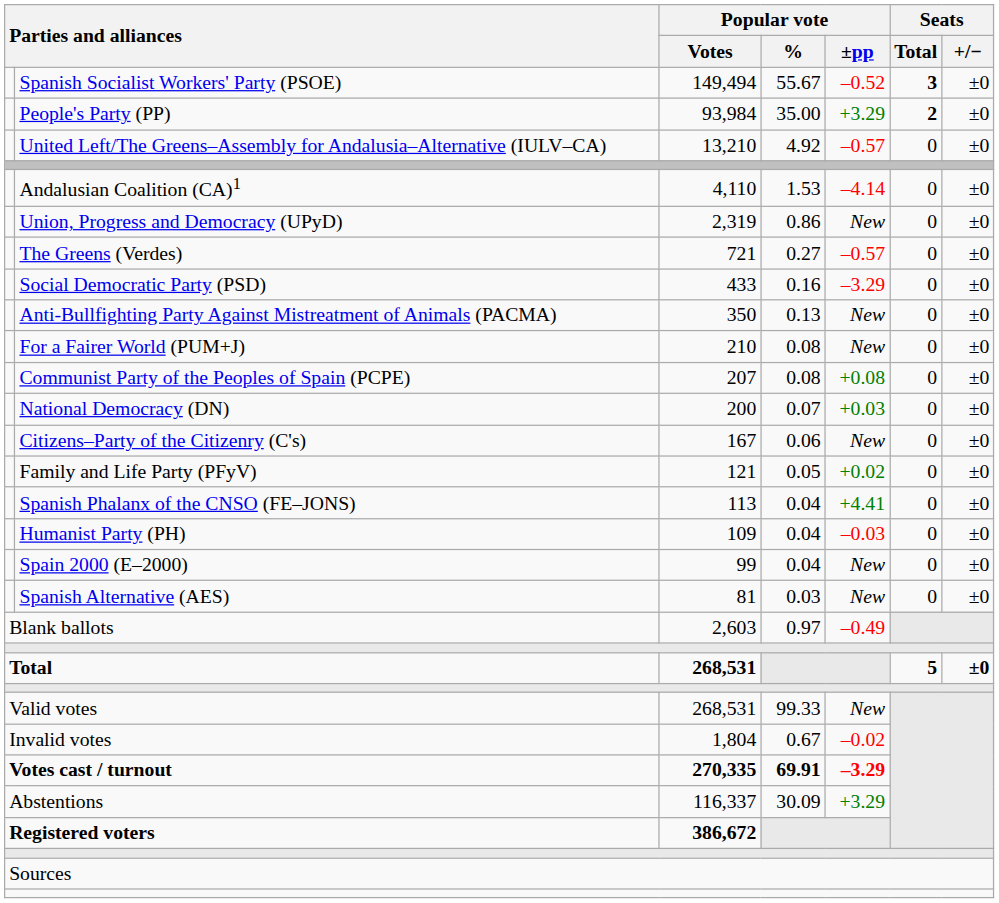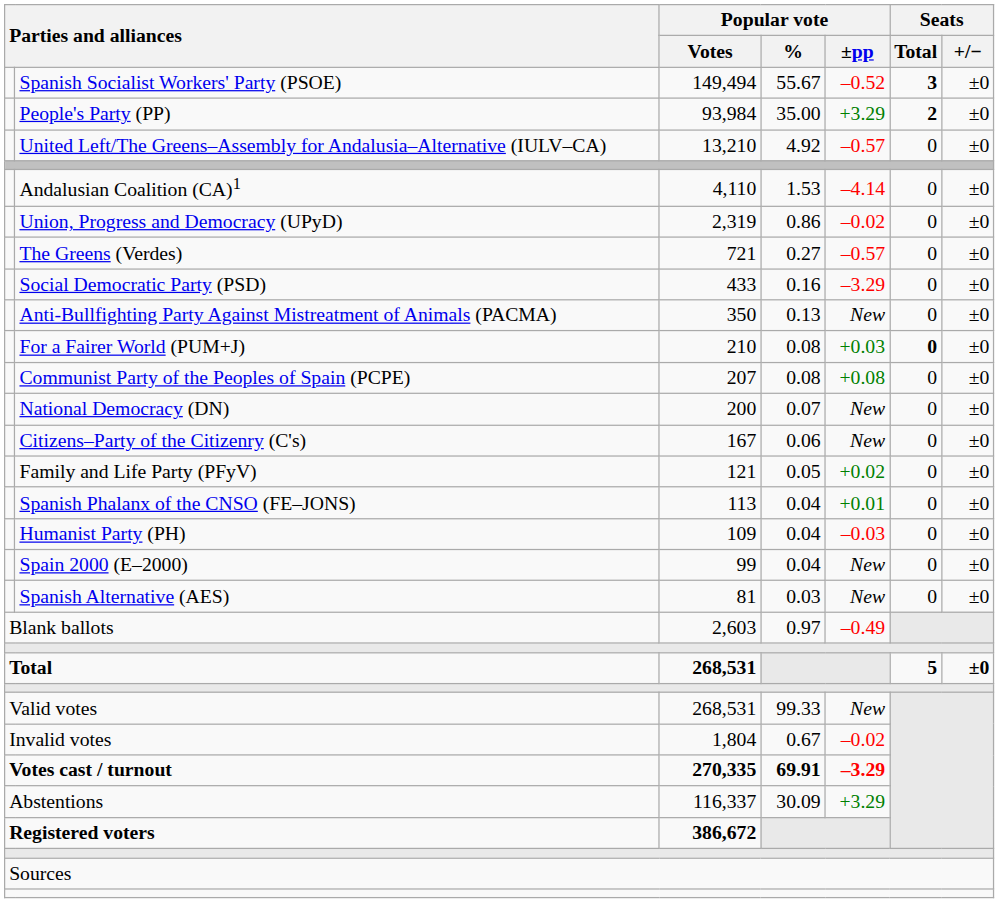 <table class="wikitable" style="text-align:right;">
 <tr>
 <th style="text-align:left;" rowspan="2" colspan="2" width="525">Parties and alliances</th>
 <th colspan="3">Popular vote</th>
 <th colspan="2">Seats</th>
 </tr>
 <tr>
 <th width="75">Votes</th>
 <th width="45">%</th>
 <th width="45">±<a href='#'>pp</a></th>
 <th width="35">Total</th>
 <th width="35">+/−</th>
 </tr>
 <tr>
 <td width="1" style="color:inherit;background:"></td>
 <td align="left"><a href='#'>Spanish Socialist Workers' Party</a> (PSOE)</td>
 <td>149,494</td>
 <td>55.67</td>
 <td style="color:red;">–0.52</td>
 <td><strong>3</strong></td>
 <td>±0</td>
 </tr>
 <tr>
 <td style="color:inherit;background:"></td>
 <td align="left"><a href='#'>People's Party</a> (PP)</td>
 <td>93,984</td>
 <td>35.00</td>
 <td style="color:green;">+3.29</td>
 <td><strong>2</strong></td>
 <td>±0</td>
 </tr>
 <tr>
 <td style="color:inherit;background:"></td>
 <td align="left"><a href='#'>United Left/The Greens–Assembly for Andalusia–Alternative</a> (IULV–CA)</td>
 <td>13,210</td>
 <td>4.92</td>
 <td style="color:red;">–0.57</td>
 <td>0</td>
 <td>±0</td>
 </tr>
 <tr>
 <td colspan="7" bgcolor="#C0C0C0"></td>
 </tr>
 <tr>
 <td style="color:inherit;background:"></td>
 <td align="left">Andalusian Coalition (CA)<sup>1</sup></td>
 <td>4,110</td>
 <td>1.53</td>
 <td style="color:red;">–4.14</td>
 <td>0</td>
 <td>±0</td>
 </tr>
 <tr>
 <td style="color:inherit;background:"></td>
 <td align="left"><a href='#'>Union, Progress and Democracy</a> (UPyD)</td>
 <td>2,319</td>
 <td>0.86</td>
-<td><em>New</em></td>
+<td style="color:red;">–0.02</td>
 <td>0</td>
 <td>±0</td>
 </tr>
 <tr>
 <td style="color:inherit;background:"></td>
 <td align="left"><a href='#'>The Greens</a> (Verdes)</td>
 <td>721</td>
 <td>0.27</td>
 <td style="color:red;">–0.57</td>
 <td>0</td>
 <td>±0</td>
 </tr>
 <tr>
 <td style="color:inherit;background:"></td>
 <td align="left"><a href='#'>Social Democratic Party</a> (PSD)</td>
 <td>433</td>
 <td>0.16</td>
 <td style="color:red;">–3.29</td>
 <td>0</td>
 <td>±0</td>
 </tr>
 <tr>
 <td style="color:inherit;background:"></td>
 <td align="left"><a href='#'>Anti-Bullfighting Party Against Mistreatment of Animals</a> (PACMA)</td>
 <td>350</td>
 <td>0.13</td>
 <td><em>New</em></td>
 <td>0</td>
 <td>±0</td>
 </tr>
 <tr>
 <td style="color:inherit;background:"></td>
 <td align="left"><a href='#'>For a Fairer World</a> (PUM+J)</td>
 <td>210</td>
 <td>0.08</td>
-<td><em>New</em></td>
-<td>0</td>
+<td style="color:green;">+0.03</td>
+<td><strong>0</strong></td>
 <td>±0</td>
 </tr>
 <tr>
 <td style="color:inherit;background:"></td>
 <td align="left"><a href='#'>Communist Party of the Peoples of Spain</a> (PCPE)</td>
 <td>207</td>
 <td>0.08</td>
 <td style="color:green;">+0.08</td>
 <td>0</td>
 <td>±0</td>
 </tr>
 <tr>
 <td style="color:inherit;background:"></td>
 <td align="left"><a href='#'>National Democracy</a> (DN)</td>
 <td>200</td>
 <td>0.07</td>
-<td style="color:green;">+0.03</td>
+<td><em>New</em></td>
 <td>0</td>
 <td>±0</td>
 </tr>
 <tr>
 <td style="color:inherit;background:"></td>
 <td align="left"><a href='#'>Citizens–Party of the Citizenry</a> (C's)</td>
 <td>167</td>
 <td>0.06</td>
 <td><em>New</em></td>
 <td>0</td>
 <td>±0</td>
 </tr>
 <tr>
 <td style="color:inherit;background:"></td>
 <td align="left">Family and Life Party (PFyV)</td>
 <td>121</td>
 <td>0.05</td>
 <td style="color:green;">+0.02</td>
 <td>0</td>
 <td>±0</td>
 </tr>
 <tr>
 <td style="color:inherit;background:"></td>
 <td align="left"><a href='#'>Spanish Phalanx of the CNSO</a> (FE–JONS)</td>
 <td>113</td>
 <td>0.04</td>
-<td style="color:green;">+4.41</td>
+<td style="color:green;">+0.01</td>
 <td>0</td>
 <td>±0</td>
 </tr>
 <tr>
 <td style="color:inherit;background:"></td>
 <td align="left"><a href='#'>Humanist Party</a> (PH)</td>
 <td>109</td>
 <td>0.04</td>
 <td style="color:red;">–0.03</td>
 <td>0</td>
 <td>±0</td>
 </tr>
 <tr>
 <td style="color:inherit;background:"></td>
 <td align="left"><a href='#'>Spain 2000</a> (E–2000)</td>
 <td>99</td>
 <td>0.04</td>
 <td><em>New</em></td>
 <td>0</td>
 <td>±0</td>
 </tr>
 <tr>
 <td style="color:inherit;background:"></td>
 <td align="left"><a href='#'>Spanish Alternative</a> (AES)</td>
 <td>81</td>
 <td>0.03</td>
 <td><em>New</em></td>
 <td>0</td>
 <td>±0</td>
 </tr>
 <tr>
 <td align="left" colspan="2">Blank ballots</td>
 <td>2,603</td>
 <td>0.97</td>
 <td style="color:red;">–0.49</td>
 <td bgcolor="#E9E9E9" colspan="2"></td>
 </tr>
 <tr>
 <td colspan="7" bgcolor="#E9E9E9"></td>
 </tr>
 <tr style="font-weight:bold;">
 <td align="left" colspan="2">Total</td>
 <td>268,531</td>
 <td bgcolor="#E9E9E9" colspan="2"></td>
 <td>5</td>
 <td>±0</td>
 </tr>
 <tr>
 <td colspan="7" bgcolor="#E9E9E9"></td>
 </tr>
 <tr>
 <td align="left" colspan="2">Valid votes</td>
 <td>268,531</td>
 <td>99.33</td>
 <td><em>New</em></td>
 <td bgcolor="#E9E9E9" colspan="2" rowspan="5"></td>
 </tr>
 <tr>
 <td align="left" colspan="2">Invalid votes</td>
 <td>1,804</td>
 <td>0.67</td>
 <td style="color:red;">–0.02</td>
 </tr>
 <tr style="font-weight:bold;">
 <td align="left" colspan="2">Votes cast / turnout</td>
 <td>270,335</td>
 <td>69.91</td>
 <td style="color:red;">–3.29</td>
 </tr>
 <tr>
 <td align="left" colspan="2">Abstentions</td>
 <td>116,337</td>
 <td>30.09</td>
 <td style="color:green;">+3.29</td>
 </tr>
 <tr style="font-weight:bold;">
 <td align="left" colspan="2">Registered voters</td>
 <td>386,672</td>
 <td bgcolor="#E9E9E9" colspan="2"></td>
 </tr>
 <tr>
 <td colspan="7" bgcolor="#E9E9E9"></td>
 </tr>
 <tr>
 <td align="left" colspan="7">Sources</td>
 </tr>
 <tr>
 <td colspan="7" style="text-align:left; max-width:790px;"></td>
 </tr>
 </table>
